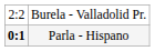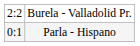 <table class="wikitable">
 <tr align=center bgcolor=white>
 <td>2:2</td>
 <td>Burela - Valladolid Pr.</td>
 </tr>
 <tr align=center bgcolor=#F5F5F5>
-<td><strong>0:1</strong></td>
+<td>0:1</td>
 <td>Parla - Hispano</td>
 </tr>
 </table>
